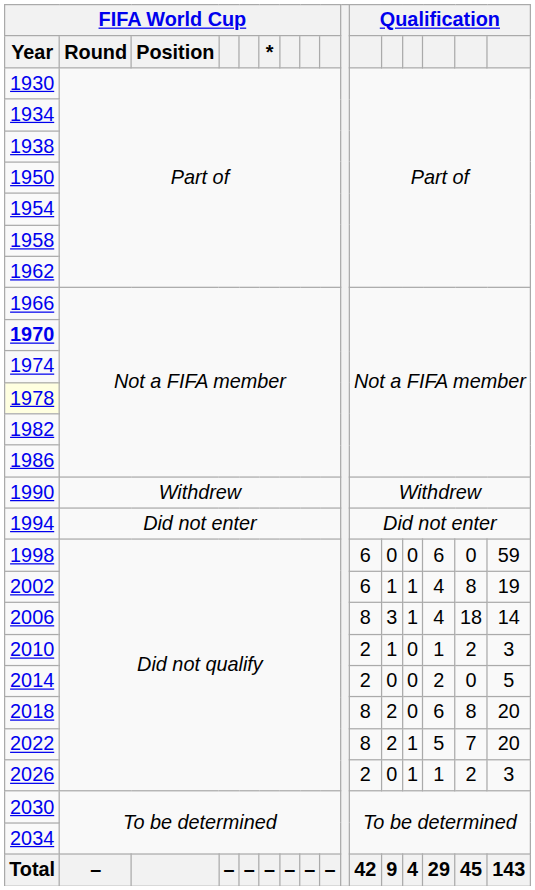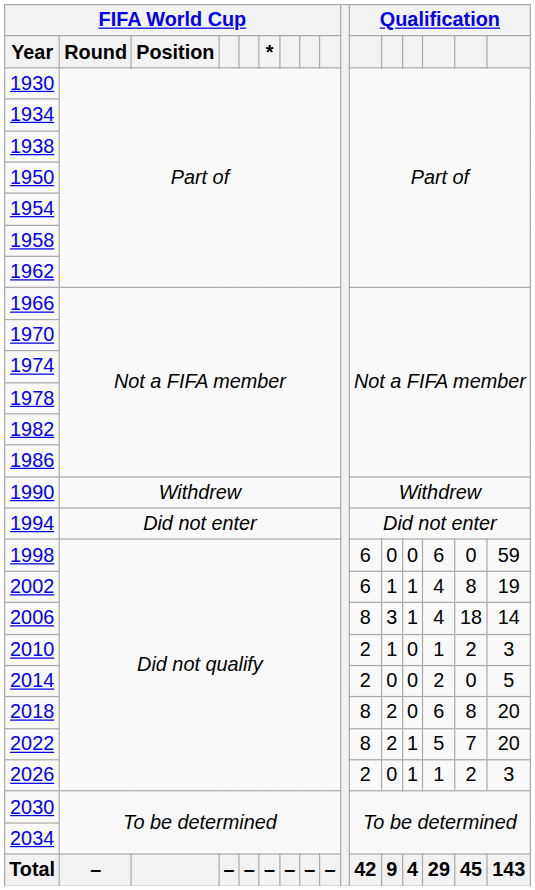 <table class="wikitable" style="text-align: center;">
 <tr>
 <th colspan="9"><a href='#'>FIFA World Cup</a></th>
 <th rowspan="28"></th>
 <th colspan="6"><a href='#'>Qualification</a></th>
 </tr>
 <tr>
 <th>Year</th>
 <th>Round</th>
 <th>Position</th>
 <th></th>
 <th></th>
 <th>*</th>
 <th></th>
 <th></th>
 <th></th>
 <th></th>
 <th></th>
 <th></th>
 <th></th>
 <th></th>
 <th></th>
 </tr>
 <tr>
 <td> <a href='#'>1930</a></td>
 <td rowspan="7" colspan="8"><em>Part of </em></td>
 <td rowspan="7" colspan="6"><em>Part of </em></td>
 </tr>
 <tr>
 <td> <a href='#'>1934</a></td>
 </tr>
 <tr>
 <td> <a href='#'>1938</a></td>
 </tr>
 <tr>
 <td> <a href='#'>1950</a></td>
 </tr>
 <tr>
 <td> <a href='#'>1954</a></td>
 </tr>
 <tr>
 <td> <a href='#'>1958</a></td>
 </tr>
 <tr>
 <td> <a href='#'>1962</a></td>
 </tr>
 <tr>
 <td> <a href='#'>1966</a></td>
 <td rowspan="6" colspan="8"><em>Not a FIFA member</em></td>
 <td rowspan="6" colspan="6"><em>Not a FIFA member</em></td>
 </tr>
 <tr>
-<td><strong> <a href='#'>1970</a></strong></td>
+<td> <a href='#'>1970</a></td>
 </tr>
 <tr>
 <td> <a href='#'>1974</a></td>
 </tr>
 <tr>
-<td style="background: lightyellow;"> <a href='#'>1978</a></td>
+<td> <a href='#'>1978</a></td>
 </tr>
 <tr>
 <td> <a href='#'>1982</a></td>
 </tr>
 <tr>
 <td> <a href='#'>1986</a></td>
 </tr>
 <tr>
 <td> <a href='#'>1990</a></td>
 <td colspan="8"><em>Withdrew</em></td>
 <td colspan="6"><em>Withdrew</em></td>
 </tr>
 <tr>
 <td> <a href='#'>1994</a></td>
 <td colspan="8"><em>Did not enter</em></td>
 <td colspan="6"><em>Did not enter</em></td>
 </tr>
 <tr>
 <td> <a href='#'>1998</a></td>
 <td rowspan="8" colspan="8"><em>Did not qualify</em></td>
 <td>6</td>
 <td>0</td>
 <td>0</td>
 <td>6</td>
 <td>0</td>
 <td>59</td>
 </tr>
 <tr>
 <td> <a href='#'>2002</a></td>
 <td>6</td>
 <td>1</td>
 <td>1</td>
 <td>4</td>
 <td>8</td>
 <td>19</td>
 </tr>
 <tr>
 <td> <a href='#'>2006</a></td>
 <td>8</td>
 <td>3</td>
 <td>1</td>
 <td>4</td>
 <td>18</td>
 <td>14</td>
 </tr>
 <tr>
 <td> <a href='#'>2010</a></td>
 <td>2</td>
 <td>1</td>
 <td>0</td>
 <td>1</td>
 <td>2</td>
 <td>3</td>
 </tr>
 <tr>
 <td> <a href='#'>2014</a></td>
 <td>2</td>
 <td>0</td>
 <td>0</td>
 <td>2</td>
 <td>0</td>
 <td>5</td>
 </tr>
 <tr>
 <td> <a href='#'>2018</a></td>
 <td>8</td>
 <td>2</td>
 <td>0</td>
 <td>6</td>
 <td>8</td>
 <td>20</td>
 </tr>
 <tr>
 <td> <a href='#'>2022</a></td>
 <td>8</td>
 <td>2</td>
 <td>1</td>
 <td>5</td>
 <td>7</td>
 <td>20</td>
 </tr>
 <tr>
 <td> <a href='#'>2026</a></td>
 <td>2</td>
 <td>0</td>
 <td>1</td>
 <td>1</td>
 <td>2</td>
 <td>3</td>
 </tr>
 <tr>
 <td> <a href='#'>2030</a></td>
 <td colspan="8" rowspan="2"><em>To be determined</em></td>
 <td colspan="6" rowspan="2"><em>To be determined</em></td>
 </tr>
 <tr>
 <td> <a href='#'>2034</a></td>
 </tr>
 <tr>
 <th><strong>Total</strong></th>
 <th><strong>–</strong></th>
 <th><strong></strong></th>
 <th><strong>–</strong></th>
 <th><strong>–</strong></th>
 <th><strong>–</strong></th>
 <th><strong>–</strong></th>
 <th><strong>–</strong></th>
 <th><strong>–</strong></th>
 <th><strong>42</strong></th>
 <th><strong>9</strong></th>
 <th><strong>4</strong></th>
 <th><strong>29</strong></th>
 <th><strong>45</strong></th>
 <th><strong>143</strong></th>
 </tr>
 </table>
